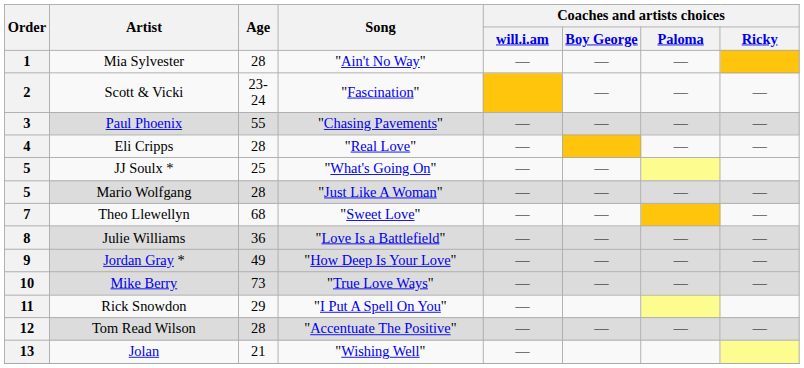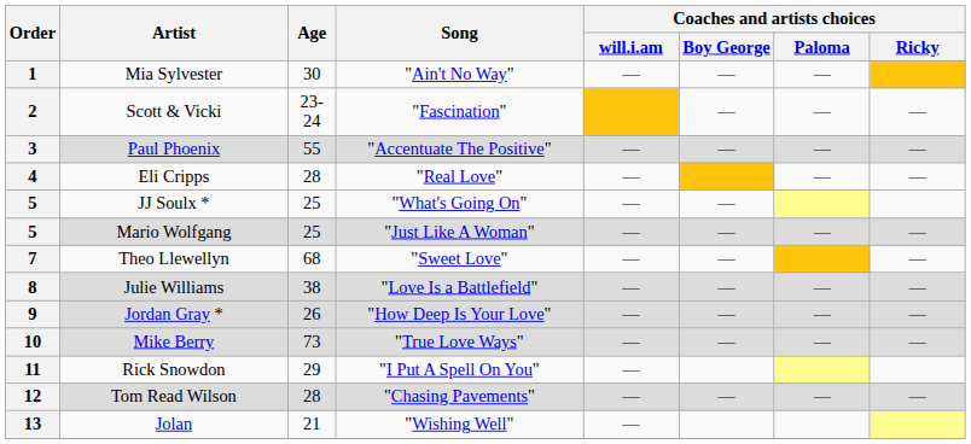 <table class="wikitable" style="text-align:center; width:100%;">
 <tr>
 <th scope="col" rowspan="2" style="width:05%;">Order</th>
 <th scope="col" rowspan="2" style="width:24%;">Artist</th>
 <th scope="col" rowspan="2" style="width:05%;">Age</th>
 <th scope="col" rowspan="2" style="width:26%;">Song</th>
 <th colspan="4" style="width:40%;">Coaches and artists choices</th>
 </tr>
 <tr>
 <th style="width:10%;"><a href='#'>will.i.am</a></th>
 <th style="width:10%;"><a href='#'>Boy George</a></th>
 <th style="width:10%;"><a href='#'>Paloma</a></th>
 <th style="width:10%;"><a href='#'>Ricky</a></th>
 </tr>
 <tr>
 <th scope="col">1</th>
 <td>Mia Sylvester</td>
-<td>28</td>
+<td>30</td>
 <td>"<a href='#'>Ain't No Way</a>"</td>
 <td>—</td>
 <td>—</td>
 <td>—</td>
 <td style="background:#FFC40C;text-align:center;"><strong></strong></td>
 </tr>
 <tr>
 <th scope="col">2</th>
 <td>Scott & Vicki</td>
 <td>23-24</td>
 <td>"<a href='#'>Fascination</a>"</td>
 <td style="background:#FFC40C;text-align:center;"><strong></strong></td>
 <td>—</td>
 <td>—</td>
 <td>—</td>
 </tr>
 <tr style="background:#DCDCDC">
 <th scope="col">3</th>
 <td style="background:#DCDCDC;"><a href='#'>Paul Phoenix</a></td>
 <td style="background:#DCDCDC; text-align:center;">55</td>
-<td style="background:#DCDCDC; text-align:center;">"<a href='#'>Chasing Pavements</a>"</td>
+<td style="background:#DCDCDC; text-align:center;">"<a href='#'>Accentuate The Positive</a>"</td>
 <td>—</td>
 <td>—</td>
 <td>—</td>
 <td>—</td>
 </tr>
 <tr>
 <th scope="col">4</th>
 <td>Eli Cripps</td>
 <td>28</td>
 <td>"<a href='#'>Real Love</a>"</td>
 <td>—</td>
 <td style="background:#FFC40C;text-align:center;"><strong></strong></td>
 <td>—</td>
 <td>—</td>
 </tr>
 <tr>
 <th scope="col">5</th>
 <td>JJ Soulx *</td>
 <td>25</td>
 <td>"<a href='#'>What's Going On</a>"</td>
 <td>—</td>
 <td>—</td>
 <td style="background:#fdfc8f;"><strong></strong></td>
 <td><strong></strong></td>
 </tr>
 <tr style="background:#DCDCDC">
 <th scope="col">5</th>
 <td style="background:#DCDCDC;">Mario Wolfgang</td>
-<td style="background:#DCDCDC; text-align:center;">28</td>
+<td style="background:#DCDCDC; text-align:center;">25</td>
 <td style="background:#DCDCDC; text-align:center;">"<a href='#'>Just Like A Woman</a>"</td>
 <td>—</td>
 <td>—</td>
 <td>—</td>
 <td>—</td>
 </tr>
 <tr>
 <th scope="col">7</th>
 <td>Theo Llewellyn</td>
 <td>68</td>
 <td>"<a href='#'>Sweet Love</a>"</td>
 <td>—</td>
 <td>—</td>
 <td style="background:#FFC40C;text-align:center;"><strong></strong></td>
 <td>—</td>
 </tr>
 <tr style="background:#DCDCDC">
 <th scope="col">8</th>
 <td style="background:#DCDCDC;">Julie Williams</td>
-<td style="background:#DCDCDC; text-align:center;">36</td>
+<td style="background:#DCDCDC; text-align:center;">38</td>
 <td style="background:#DCDCDC; text-align:center;">"<a href='#'>Love Is a Battlefield</a>"</td>
 <td>—</td>
 <td>—</td>
 <td>—</td>
 <td>—</td>
 </tr>
 <tr style="background:#DCDCDC">
 <th scope="col">9</th>
 <td style="background:#DCDCDC;"><a href='#'>Jordan Gray</a> *</td>
-<td style="background:#DCDCDC; text-align:center;">49</td>
+<td style="background:#DCDCDC; text-align:center;">26</td>
 <td style="background:#DCDCDC; text-align:center;">"<a href='#'>How Deep Is Your Love</a>"</td>
 <td>—</td>
 <td>—</td>
 <td>—</td>
 <td>—</td>
 </tr>
 <tr style="background:#DCDCDC">
 <th scope="col">10</th>
 <td style="background:#DCDCDC;"><a href='#'>Mike Berry</a></td>
 <td style="background:#DCDCDC; text-align:center;">73</td>
 <td style="background:#DCDCDC; text-align:center;">"<a href='#'>True Love Ways</a>"</td>
 <td>—</td>
 <td>—</td>
 <td>—</td>
 <td>—</td>
 </tr>
 <tr>
 <th scope="col">11</th>
 <td>Rick Snowdon</td>
 <td>29</td>
 <td>"<a href='#'>I Put A Spell On You</a>"</td>
 <td>—</td>
 <td><strong></strong></td>
 <td style="background:#fdfc8f;"><strong></strong></td>
 <td><strong></strong></td>
 </tr>
 <tr style="background:#DCDCDC">
 <th scope="col">12</th>
 <td style="background:#DCDCDC;">Tom Read Wilson</td>
 <td style="background:#DCDCDC; text-align:center;">28</td>
-<td style="background:#DCDCDC; text-align:center;">"<a href='#'>Accentuate The Positive</a>"</td>
+<td style="background:#DCDCDC; text-align:center;">"<a href='#'>Chasing Pavements</a>"</td>
 <td>—</td>
 <td>—</td>
 <td>—</td>
 <td>—</td>
 </tr>
 <tr>
 <th scope="col">13</th>
 <td><a href='#'>Jolan</a></td>
 <td>21</td>
 <td>"<a href='#'>Wishing Well</a>"</td>
 <td>—</td>
 <td><strong></strong></td>
 <td><strong></strong></td>
 <td style="background:#fdfc8f;"><strong></strong></td>
 </tr>
 <tr>
 </tr>
 </table>
